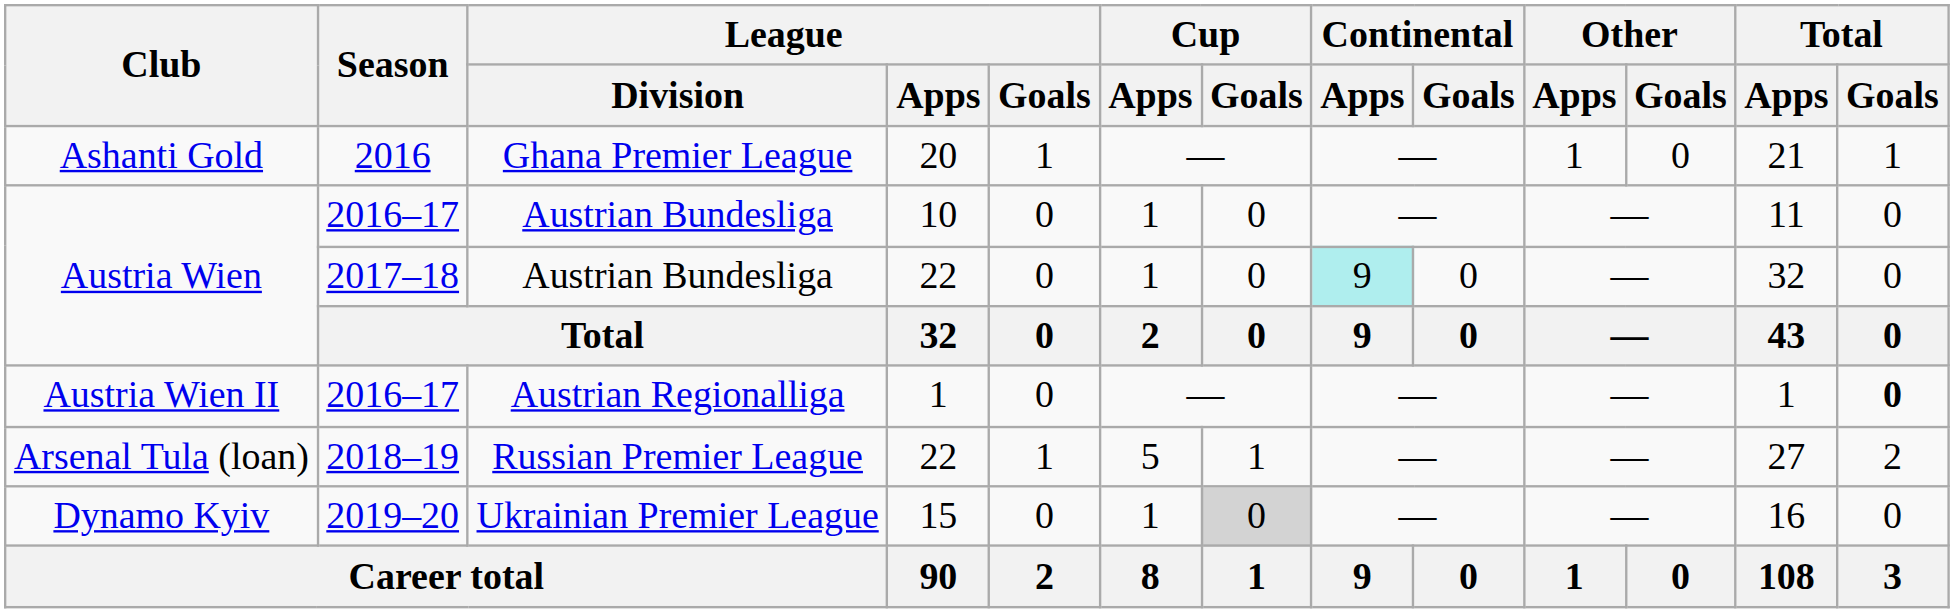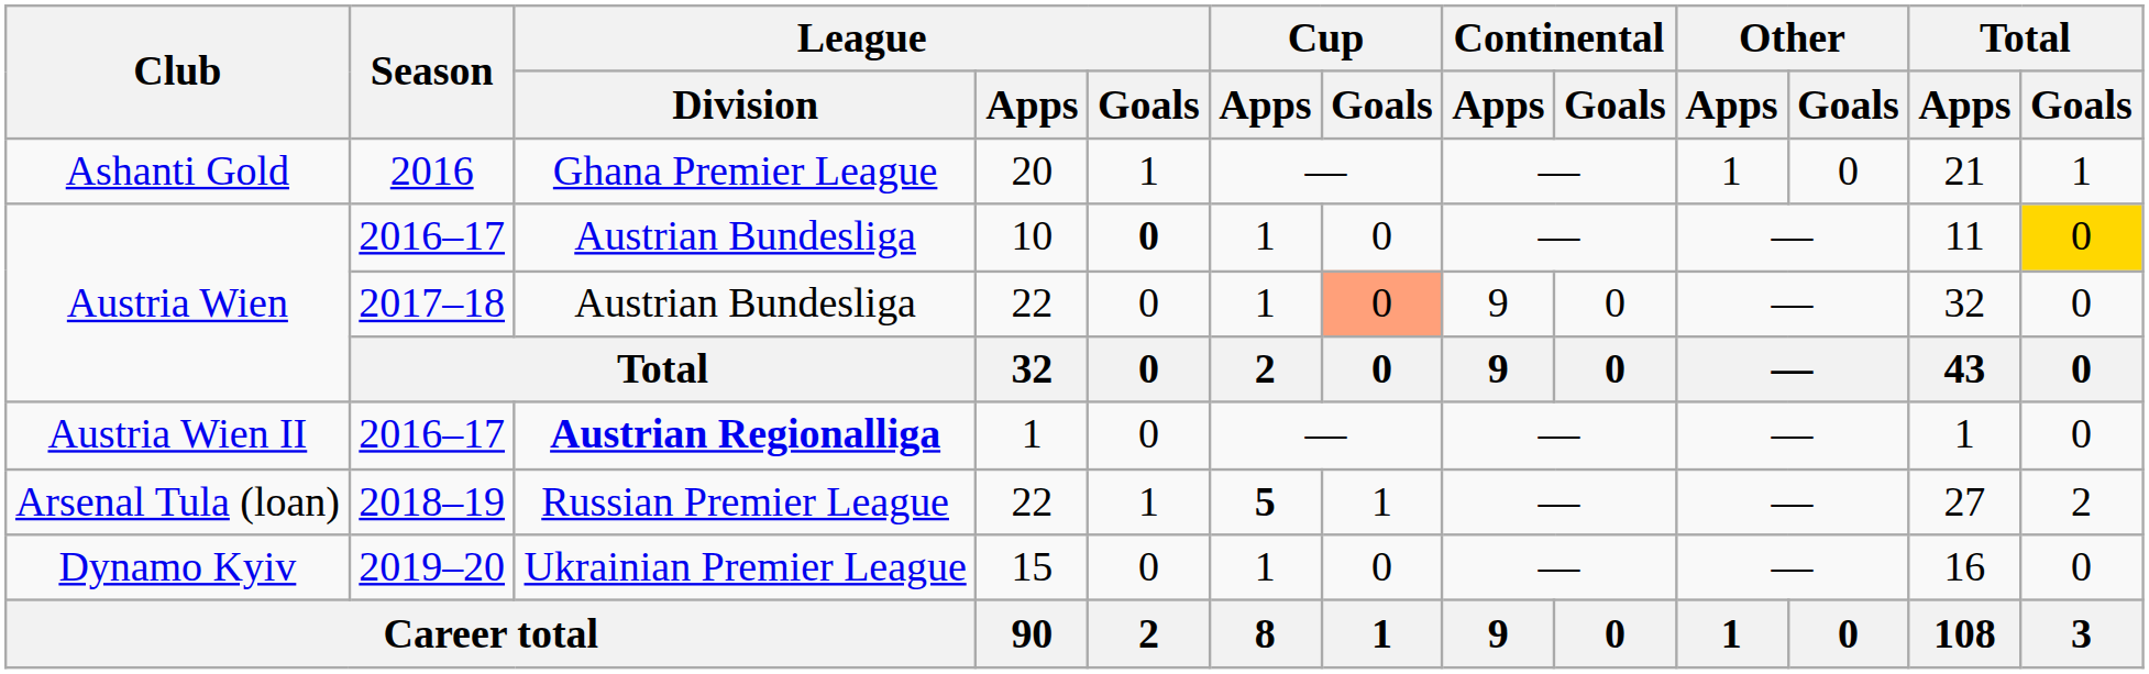 <table class="wikitable" style="text-align:center">
 <tr>
 <th rowspan="2">Club</th>
 <th rowspan="2">Season</th>
 <th colspan="3">League</th>
 <th colspan="2">Cup</th>
 <th colspan="2">Continental</th>
 <th colspan="2">Other</th>
 <th colspan="2">Total</th>
 </tr>
 <tr>
 <th>Division</th>
 <th>Apps</th>
 <th>Goals</th>
 <th>Apps</th>
 <th>Goals</th>
 <th>Apps</th>
 <th>Goals</th>
 <th>Apps</th>
 <th>Goals</th>
 <th>Apps</th>
 <th>Goals</th>
 </tr>
 <tr>
 <td><a href='#'>Ashanti Gold</a></td>
 <td><a href='#'>2016</a></td>
 <td><a href='#'>Ghana Premier League</a></td>
 <td>20</td>
 <td>1</td>
 <td colspan="2">—</td>
 <td colspan="2">—</td>
 <td>1</td>
 <td>0</td>
 <td>21</td>
 <td>1</td>
 </tr>
 <tr>
 <td rowspan="3"><a href='#'>Austria Wien</a></td>
 <td><a href='#'>2016–17</a></td>
 <td><a href='#'>Austrian Bundesliga</a></td>
 <td>10</td>
-<td>0</td>
+<td><strong>0</strong></td>
 <td>1</td>
 <td>0</td>
 <td colspan="2">—</td>
 <td colspan="2">—</td>
 <td>11</td>
-<td>0</td>
+<td style="background: gold;">0</td>
 </tr>
 <tr>
 <td><a href='#'>2017–18</a></td>
 <td>Austrian Bundesliga</td>
 <td>22</td>
 <td>0</td>
 <td>1</td>
-<td>0</td>
-<td style="background: paleturquoise;">9</td>
+<td style="background: lightsalmon;">0</td>
+<td>9</td>
 <td>0</td>
 <td colspan="2">—</td>
 <td>32</td>
 <td>0</td>
 </tr>
 <tr>
 <th colspan="2">Total</th>
 <th>32</th>
 <th>0</th>
 <th>2</th>
 <th>0</th>
 <th>9</th>
 <th>0</th>
 <th colspan="2">—</th>
 <th>43</th>
 <th>0</th>
 </tr>
 <tr>
 <td><a href='#'>Austria Wien II</a></td>
 <td><a href='#'>2016–17</a></td>
-<td><a href='#'>Austrian Regionalliga</a></td>
+<td><strong><a href='#'>Austrian Regionalliga</a></strong></td>
 <td>1</td>
 <td>0</td>
 <td colspan="2">—</td>
 <td colspan="2">—</td>
 <td colspan="2">—</td>
 <td>1</td>
-<td><strong>0</strong></td>
+<td>0</td>
 </tr>
 <tr>
 <td><a href='#'>Arsenal Tula</a> (loan)</td>
 <td><a href='#'>2018–19</a></td>
 <td><a href='#'>Russian Premier League</a></td>
 <td>22</td>
 <td>1</td>
-<td>5</td>
+<td><strong>5</strong></td>
 <td>1</td>
 <td colspan="2">—</td>
 <td colspan="2">—</td>
 <td>27</td>
 <td>2</td>
 </tr>
 <tr>
 <td><a href='#'>Dynamo Kyiv</a></td>
 <td><a href='#'>2019–20</a></td>
 <td><a href='#'>Ukrainian Premier League</a></td>
 <td>15</td>
 <td>0</td>
 <td>1</td>
-<td style="background: lightgrey;">0</td>
+<td>0</td>
 <td colspan="2">—</td>
 <td colspan="2">—</td>
 <td>16</td>
 <td>0</td>
 </tr>
 <tr>
 <th colspan="3">Career total</th>
 <th>90</th>
 <th>2</th>
 <th>8</th>
 <th>1</th>
 <th>9</th>
 <th>0</th>
 <th>1</th>
 <th>0</th>
 <th>108</th>
 <th>3</th>
 </tr>
 </table>
